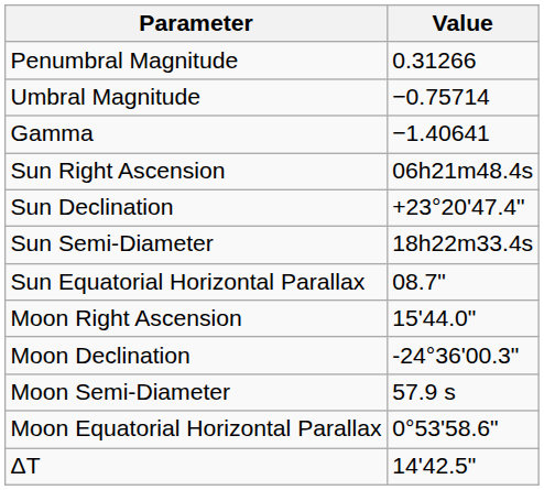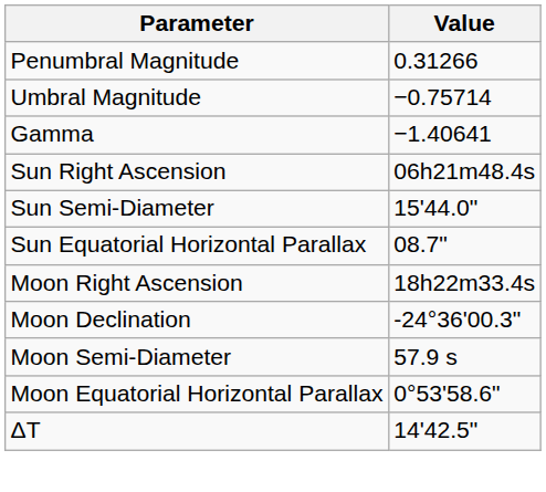 <table class="wikitable">
 <tr>
 <th>Parameter</th>
 <th>Value</th>
 </tr>
 <tr>
 <td>Penumbral Magnitude</td>
 <td>0.31266</td>
 </tr>
 <tr>
 <td>Umbral Magnitude</td>
 <td>−0.75714</td>
 </tr>
 <tr>
 <td>Gamma</td>
 <td>−1.40641</td>
 </tr>
 <tr>
 <td>Sun Right Ascension</td>
 <td>06h21m48.4s</td>
 </tr>
 <tr>
-<td>Sun Declination</td>
-<td>+23°20'47.4"</td>
-</tr>
-<tr>
 <td>Sun Semi-Diameter</td>
-<td>18h22m33.4s</td>
+<td>15'44.0"</td>
 </tr>
 <tr>
 <td>Sun Equatorial Horizontal Parallax</td>
 <td>08.7"</td>
 </tr>
 <tr>
 <td>Moon Right Ascension</td>
-<td>15'44.0"</td>
+<td>18h22m33.4s</td>
 </tr>
 <tr>
 <td>Moon Declination</td>
 <td>-24°36'00.3"</td>
 </tr>
 <tr>
 <td>Moon Semi-Diameter</td>
 <td>57.9 s</td>
 </tr>
 <tr>
 <td>Moon Equatorial Horizontal Parallax</td>
 <td>0°53'58.6"</td>
 </tr>
 <tr>
 <td>ΔT</td>
 <td>14'42.5"</td>
 </tr>
 </table>
